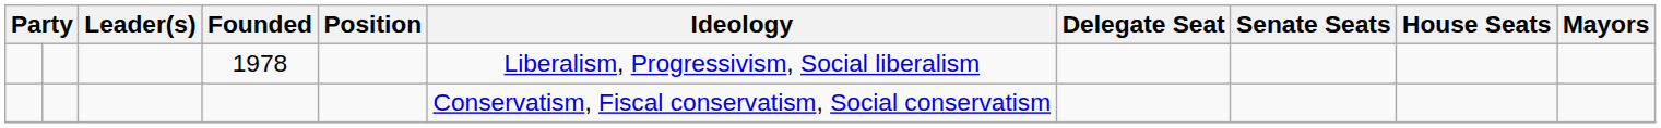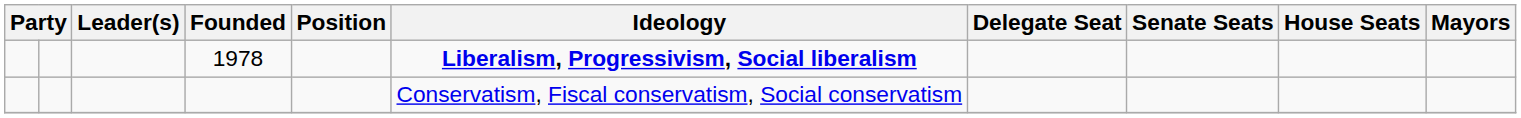 <table class="wikitable sortable">
 <tr>
 <th colspan=2>Party</th>
 <th class="unsortable">Leader(s)</th>
 <th>Founded</th>
 <th>Position</th>
 <th class="unsortable">Ideology</th>
 <th>Delegate Seat</th>
 <th>Senate Seats</th>
 <th>House Seats</th>
 <th>Mayors</th>
 </tr>
 <tr>
 <td></td>
 <td></td>
 <td></td>
 <td align=center>1978</td>
 <td></td>
-<td align=center><a href='#'>Liberalism</a>, <a href='#'>Progressivism</a>, <a href='#'>Social liberalism</a></td>
+<td align=center><strong><a href='#'>Liberalism</a>, <a href='#'>Progressivism</a>, <a href='#'>Social liberalism</a></strong></td>
 <td></td>
 <td></td>
 <td></td>
 <td></td>
 </tr>
 <tr>
 <td></td>
 <td></td>
 <td></td>
 <td align=center></td>
 <td></td>
 <td align=center><a href='#'>Conservatism</a>, <a href='#'>Fiscal conservatism</a>, <a href='#'>Social conservatism</a></td>
 <td></td>
 <td></td>
 <td></td>
 <td></td>
 </tr>
 <tr>
 </tr>
 </table>
